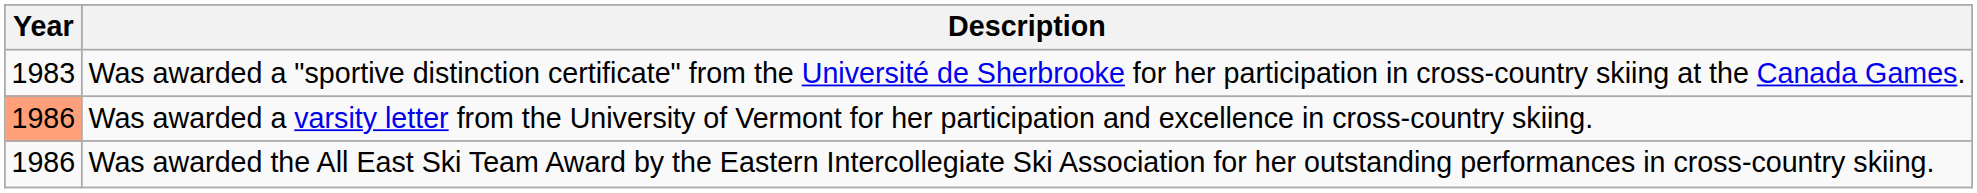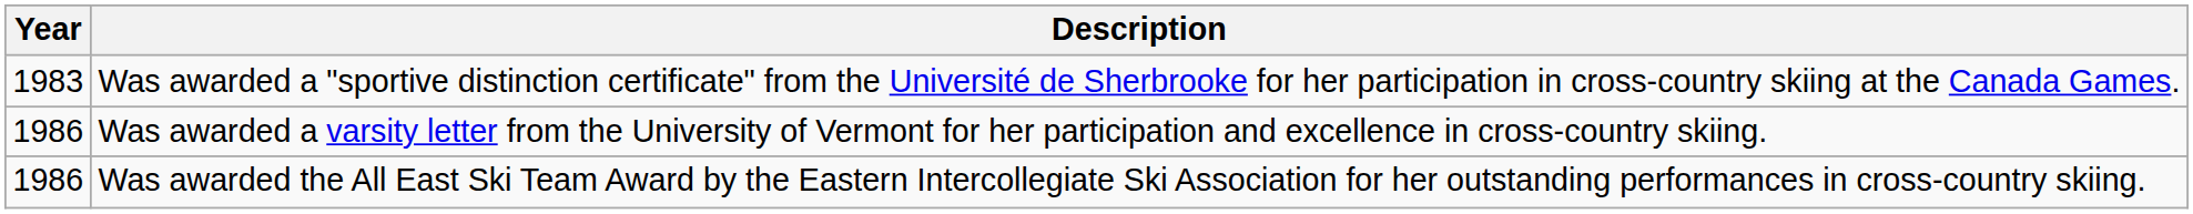 <table class="wikitable">
 <tr>
 <th>Year</th>
 <th>Description</th>
 </tr>
 <tr>
 <td>1983</td>
 <td align="left">Was awarded a "sportive distinction certificate" from the <a href='#'>Université de Sherbrooke</a> for her participation in cross-country skiing at the <a href='#'>Canada Games</a>.</td>
 </tr>
 <tr>
-<td style="background: lightsalmon;">1986</td>
+<td>1986</td>
 <td align="left">Was awarded a <a href='#'>varsity letter</a> from the University of Vermont for her participation and excellence in cross-country skiing.</td>
 </tr>
 <tr>
 <td>1986</td>
 <td align="left">Was awarded the All East Ski Team Award by the Eastern Intercollegiate Ski Association for her outstanding performances in cross-country skiing.</td>
 </tr>
 </table>
